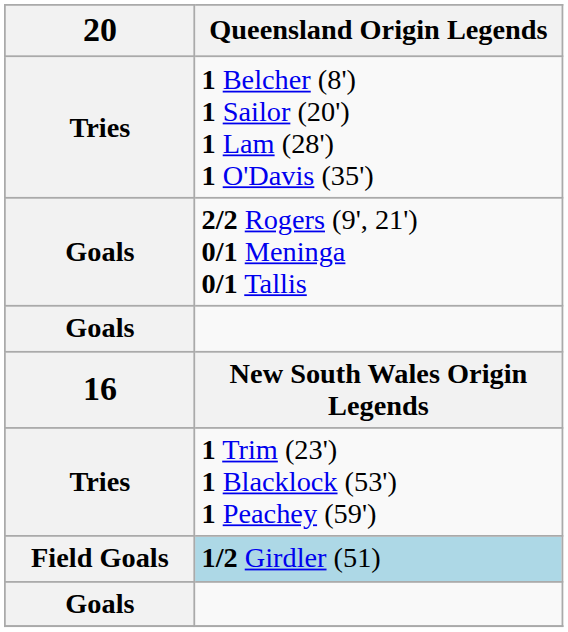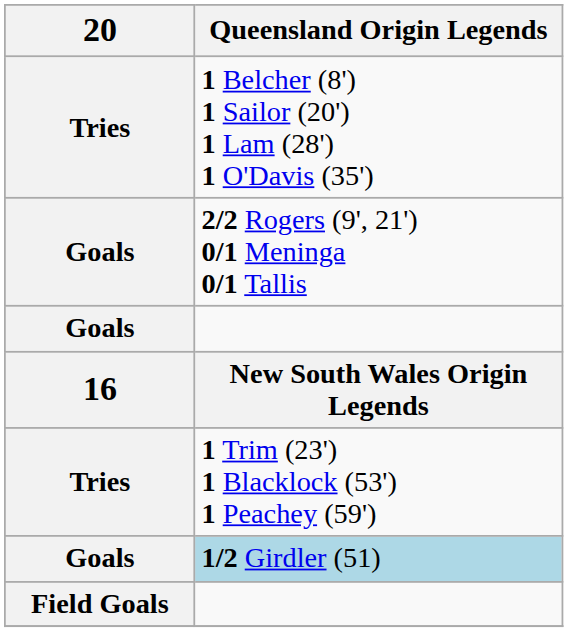 <table align="center" class="wikitable" style="text-align:left;" cellpadding=3 cellspacing=2>
 <tr>
 <th width=100><big>20</big></th>
 <th width=200> Queensland Origin Legends</th>
 </tr>
 <tr>
 <th>Tries</th>
 <td><strong>1</strong> <a href='#'>Belcher</a> (8')<br><strong>1</strong> <a href='#'>Sailor</a> (20')<br><strong>1</strong> <a href='#'>Lam</a> (28')<br><strong>1</strong> <a href='#'>O'Davis</a> (35')</td>
 </tr>
 <tr>
 <th>Goals</th>
 <td><strong>2/2</strong> <a href='#'>Rogers</a> (9', 21')<br><strong>0/1</strong> <a href='#'>Meninga</a><br><strong>0/1</strong> <a href='#'>Tallis</a></td>
 </tr>
 <tr>
 <th>Goals</th>
 <td></td>
 </tr>
 <tr>
 <th><big>16</big></th>
 <th> New South Wales Origin Legends</th>
 </tr>
 <tr>
 <th>Tries</th>
 <td><strong>1</strong> <a href='#'>Trim</a> (23')<br><strong>1</strong> <a href='#'>Blacklock</a> (53')<br><strong>1</strong> <a href='#'>Peachey</a> (59')</td>
 </tr>
 <tr>
-<th>Field Goals</th>
+<th>Goals</th>
 <td style="background: lightblue;"><strong>1/2</strong> <a href='#'>Girdler</a> (51)</td>
 </tr>
 <tr>
-<th>Goals</th>
+<th>Field Goals</th>
 <td></td>
 </tr>
 <tr>
 </tr>
 </table>
